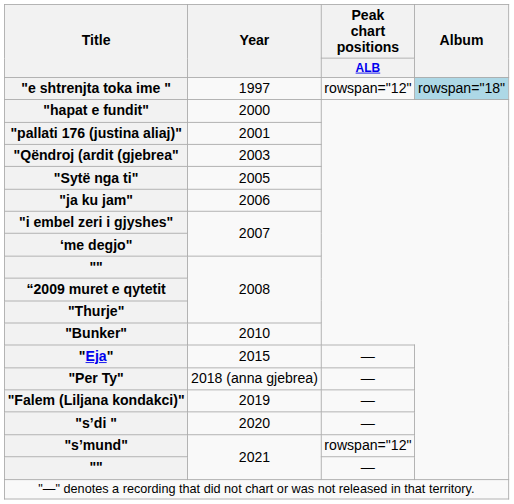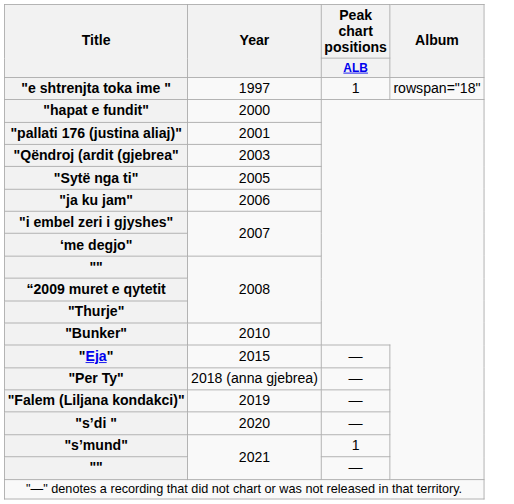 <table class="wikitable plainrowheaders" style="text-align:center;">
 <tr>
 <th scope="col" rowspan="2">Title</th>
 <th scope="col" rowspan="2">Year</th>
 <th scope="col" colspan="1">Peak<br>chart<br>positions</th>
 <th scope="col" rowspan="2">Album</th>
 </tr>
 <tr>
 <th scope="col" style="width:3em;font-size:85%;"><a href='#'>ALB</a><br></th>
 </tr>
 <tr>
 <th scope="row">"e shtrenjta toka ime "<br></th>
 <td>1997</td>
-<td>rowspan="12" </td>
-<td style="background: lightblue;">rowspan="18" </td>
+<td>1</td>
+<td>rowspan="18" </td>
 </tr>
 <tr>
 <th scope="row">"hapat e fundit"</th>
 <td>2000</td>
 </tr>
 <tr>
 <th scope="row">"pallati 176 (justina aliaj)"</th>
 <td>2001</td>
 </tr>
 <tr>
 <th scope="row">"Qëndroj (ardit (gjebrea"</th>
 <td>2003</td>
 </tr>
 <tr>
 <th scope="row">"Sytë nga ti"</th>
 <td>2005</td>
 </tr>
 <tr>
 <th scope="row">"ja ku jam"</th>
 <td>2006</td>
 </tr>
 <tr>
 <th scope="row">"i embel zeri i gjyshes"</th>
 <td rowspan="2">2007</td>
 </tr>
 <tr>
 <th scope="row">‘me degjo"</th>
 </tr>
 <tr>
 <th scope="row">""<br></th>
 <td rowspan="3">2008</td>
 </tr>
 <tr>
 <th scope="row">“2009 muret e qytetit</th>
 </tr>
 <tr>
 <th scope="row">"Thurje"</th>
 </tr>
 <tr>
 <th scope="row">"Bunker"</th>
 <td>2010</td>
 </tr>
 <tr>
 <th scope="row">"<a href='#'>Eja</a>"</th>
 <td>2015</td>
 <td>—</td>
 </tr>
 <tr>
 <th scope="row">"Per Ty"</th>
 <td>2018 (anna gjebrea)</td>
 <td>—</td>
 </tr>
 <tr>
 <th scope="row">"Falem (Liljana kondakci)"</th>
 <td>2019</td>
 <td>—</td>
 </tr>
 <tr>
 <th scope="row">"s’di "</th>
 <td>2020</td>
 <td>—</td>
 </tr>
 <tr>
 <th scope="row">"s’mund"</th>
 <td rowspan="2">2021</td>
-<td>rowspan="12" </td>
+<td>1</td>
 </tr>
 <tr>
 <th scope="row">""</th>
 <td>—</td>
 </tr>
 <tr>
 <td colspan="11" style="font-size:90%">"—" denotes a recording that did not chart or was not released in that territory.</td>
 </tr>
 </table>
